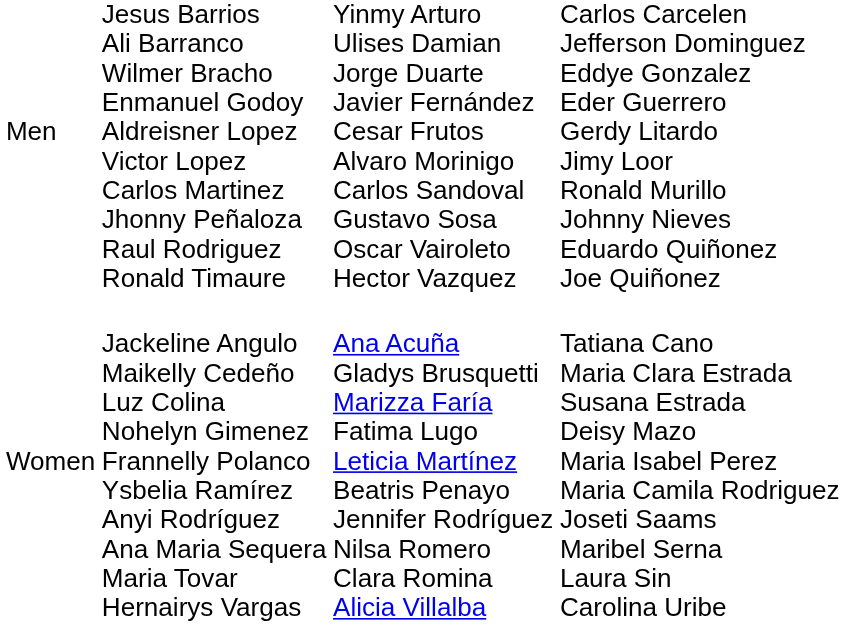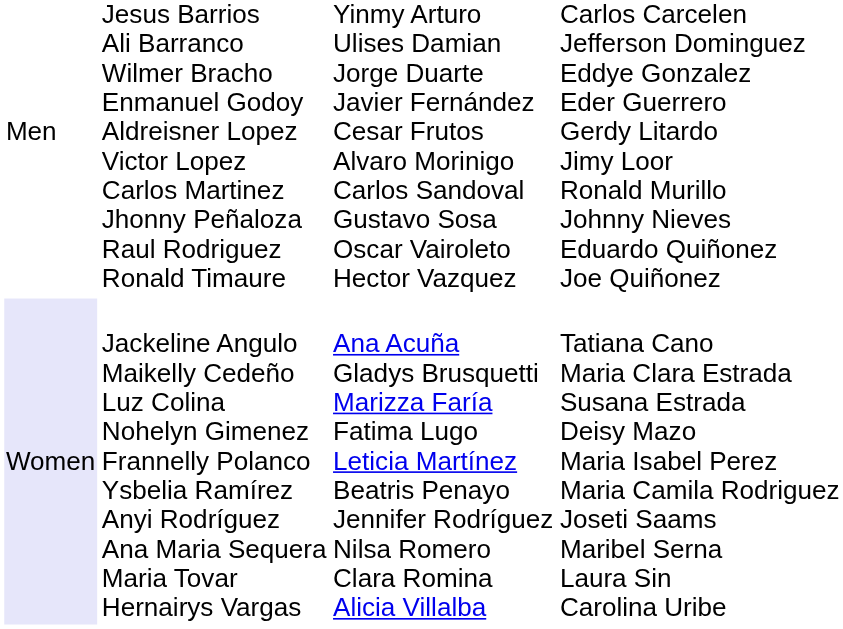 <table>
 <tr>
 <td>Men</td>
 <td><br>Jesus Barrios<br>Ali Barranco<br>Wilmer Bracho<br>Enmanuel Godoy<br>Aldreisner Lopez<br>Victor Lopez<br>Carlos Martinez<br>Jhonny Peñaloza<br>Raul Rodriguez<br>Ronald Timaure</td>
 <td><br>Yinmy Arturo<br>Ulises Damian<br>Jorge Duarte<br>Javier Fernández<br>Cesar Frutos<br>Alvaro Morinigo<br>Carlos Sandoval<br>Gustavo Sosa<br>Oscar Vairoleto<br>Hector Vazquez</td>
 <td><br>Carlos Carcelen<br>Jefferson Dominguez<br>Eddye Gonzalez<br>Eder Guerrero<br>Gerdy Litardo<br>Jimy Loor<br>Ronald Murillo<br>Johnny Nieves<br>Eduardo Quiñonez<br>Joe Quiñonez</td>
 </tr>
 <tr>
-<td>Women</td>
+<td style="background: lavender;">Women</td>
 <td nowrap><br>Jackeline Angulo<br>Maikelly Cedeño<br>Luz Colina<br>Nohelyn Gimenez<br>Frannelly Polanco<br>Ysbelia Ramírez<br>Anyi Rodríguez<br>Ana Maria Sequera<br>Maria Tovar<br>Hernairys Vargas</td>
 <td nowrap><br><a href='#'>Ana Acuña</a><br>Gladys Brusquetti<br><a href='#'>Marizza Faría</a><br>Fatima Lugo<br><a href='#'>Leticia Martínez</a><br>Beatris Penayo<br>Jennifer Rodríguez<br>Nilsa Romero<br>Clara Romina<br><a href='#'>Alicia Villalba</a></td>
 <td nowrap><br>Tatiana Cano<br>Maria Clara Estrada<br>Susana Estrada<br>Deisy Mazo<br>Maria Isabel Perez<br>Maria Camila Rodriguez<br>Joseti Saams<br>Maribel Serna<br>Laura Sin<br>Carolina Uribe</td>
 </tr>
 </table>
